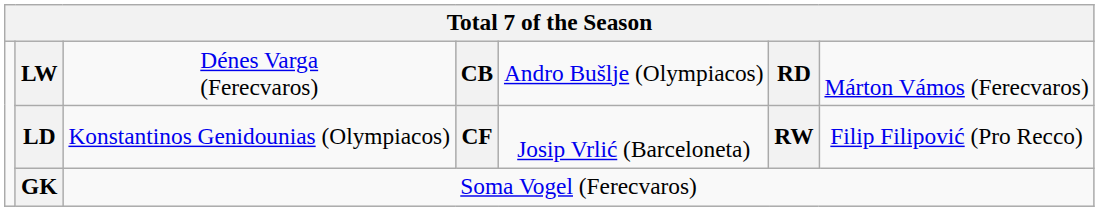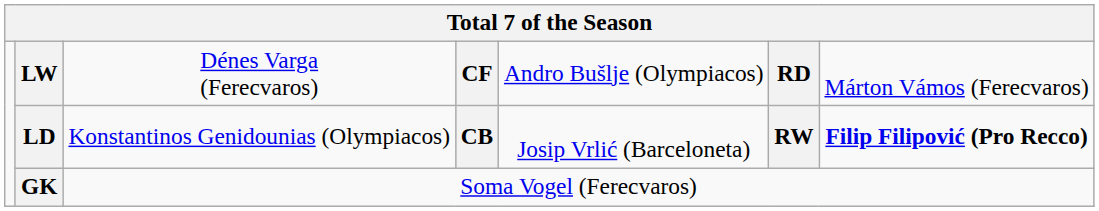 <table class="wikitable" style="text-align:center">
 <tr>
 <th colspan="7">Total 7 of the Season</th>
 </tr>
 <tr>
 <td rowspan="3"></td>
 <th>LW</th>
 <td> <a href='#'>Dénes Varga</a><br>(Ferecvaros)</td>
-<th>CB</th>
+<th>CF</th>
 <td> <a href='#'>Andro Bušlje</a> (Olympiacos)</td>
 <th>RD</th>
 <td><br><a href='#'>Márton Vámos</a> (Ferecvaros)</td>
 </tr>
 <tr>
 <th>LD</th>
 <td> <a href='#'>Konstantinos Genidounias</a> (Olympiacos)</td>
-<th>CF</th>
+<th>CB</th>
 <td><br><a href='#'>Josip Vrlić</a> (Barceloneta)</td>
 <th>RW</th>
-<td> <a href='#'>Filip Filipović</a> (Pro Recco)</td>
+<td><strong> <a href='#'>Filip Filipović</a> (Pro Recco)</strong></td>
 </tr>
 <tr>
 <th>GK</th>
 <td colspan="5"> <a href='#'>Soma Vogel</a> (Ferecvaros)</td>
 </tr>
 </table>
